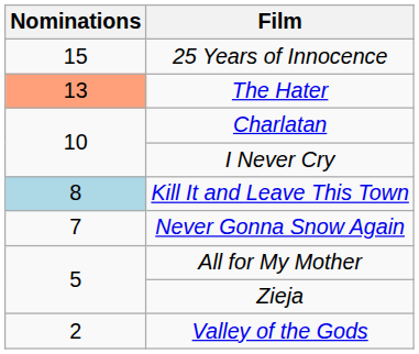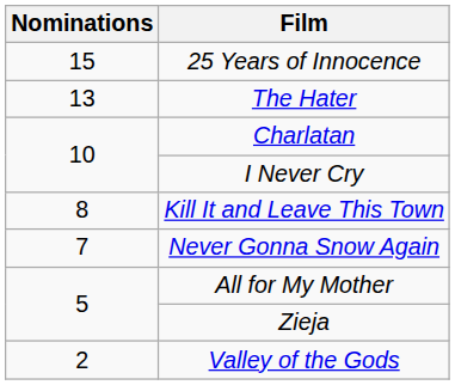 <table class="wikitable plainrowheaders" style="text-align: center;">
 <tr>
 <th scope="col" style="width:55px;">Nominations</th>
 <th scope="col" style="text-align:center;">Film</th>
 </tr>
 <tr>
 <td scope="row" style="text-align:center">15</td>
 <td><em>25 Years of Innocence</em></td>
 </tr>
 <tr>
-<td scope="row" style="background: lightsalmon; text-align:center">13</td>
+<td scope="row" style="text-align:center">13</td>
 <td><em><a href='#'>The Hater</a></em></td>
 </tr>
 <tr>
 <td scope="row" style="text-align:center" rowspan="2">10</td>
 <td><em><a href='#'>Charlatan</a></em></td>
 </tr>
 <tr>
 <td><em>I Never Cry</em></td>
 </tr>
 <tr>
-<td scope="row" style="background: lightblue; text-align:center">8</td>
+<td scope="row" style="text-align:center">8</td>
 <td><em><a href='#'>Kill It and Leave This Town</a></em></td>
 </tr>
 <tr>
 <td scope="row" style="text-align:center">7</td>
 <td><em><a href='#'>Never Gonna Snow Again</a></em></td>
 </tr>
 <tr>
 <td scope="row" style="text-align:center" rowspan="2">5</td>
 <td><em>All for My Mother</em></td>
 </tr>
 <tr>
 <td><em>Zieja</em></td>
 </tr>
 <tr>
 <td scope="row" style="text-align:center">2</td>
 <td><em><a href='#'>Valley of the Gods</a></em></td>
 </tr>
 </table>
